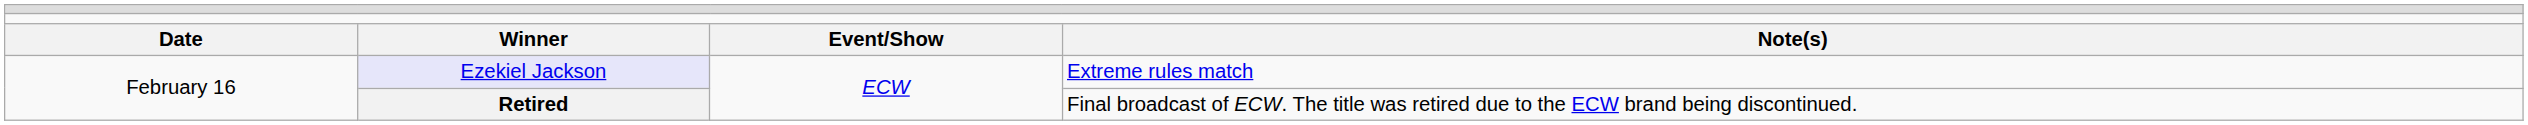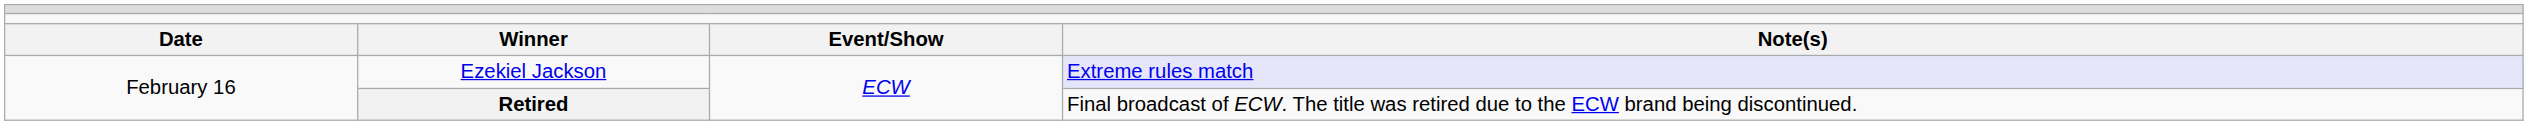 <table class="wikitable" style="text-align:center; width:100%;">
 <tr style="background:#ddd;">
 <td colspan="5"></td>
 </tr>
 <tr>
 <td colspan="5"><strong></strong></td>
 </tr>
 <tr>
 <th width=14%>Date</th>
 <th width=14%>Winner</th>
 <th width=14%>Event/Show</th>
 <th width=58%>Note(s)</th>
 </tr>
 <tr>
 <td rowspan=2>February 16</td>
-<td style="background: lavender;"><a href='#'>Ezekiel Jackson</a></td>
+<td><a href='#'>Ezekiel Jackson</a></td>
 <td rowspan=2><em><a href='#'>ECW</a></em></td>
-<td align=left><a href='#'>Extreme rules match</a></td>
+<td align=left style="background: lavender;"><a href='#'>Extreme rules match</a></td>
 </tr>
 <tr>
 <th>Retired</th>
 <td align=left>Final broadcast of <em>ECW</em>. The title was retired due to the <a href='#'>ECW</a> brand being discontinued.</td>
 </tr>
 </table>
